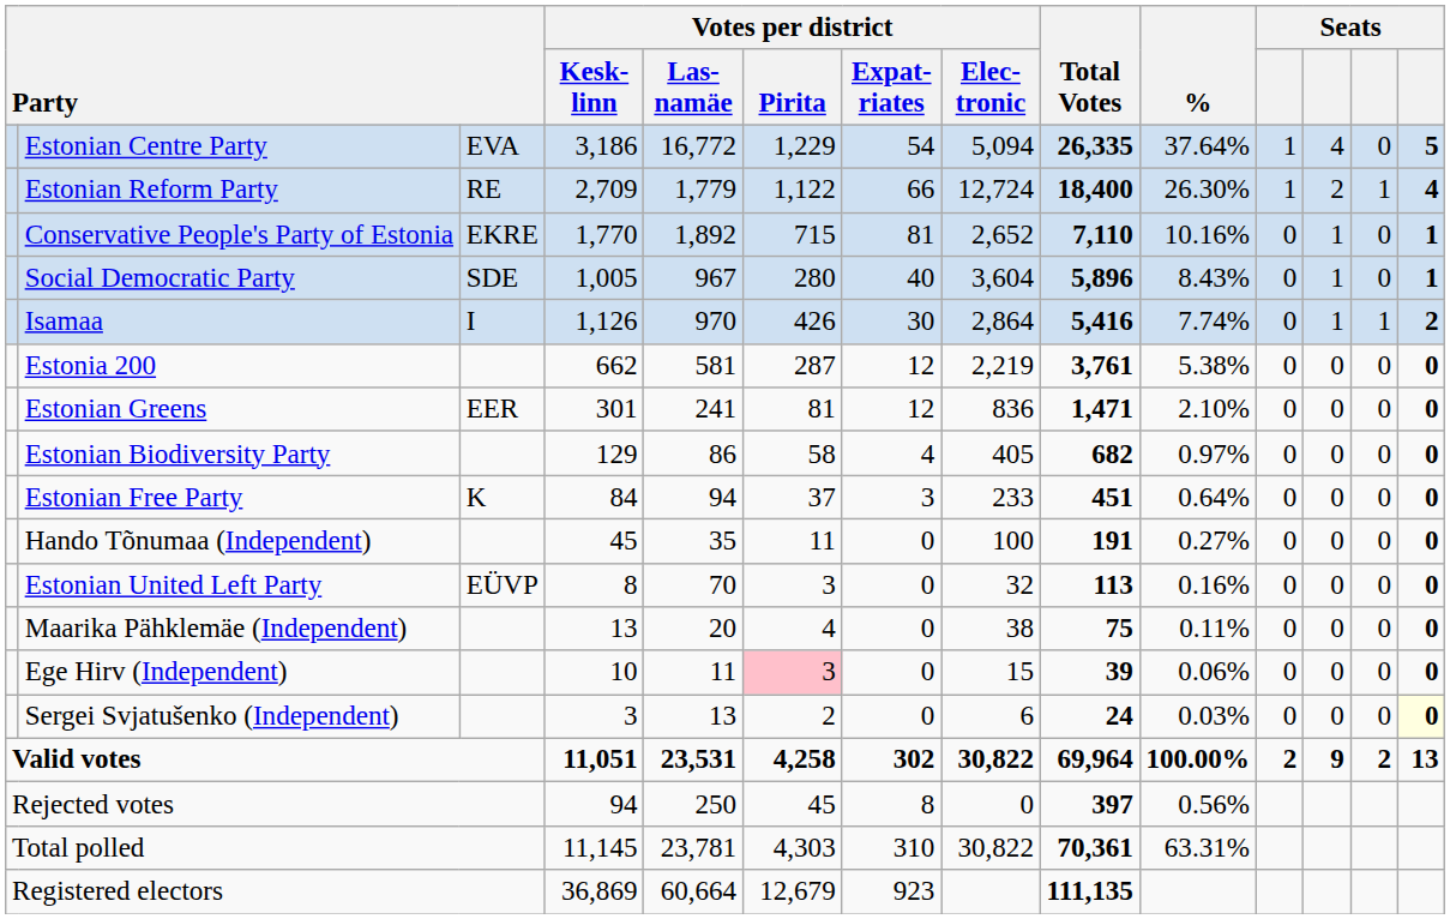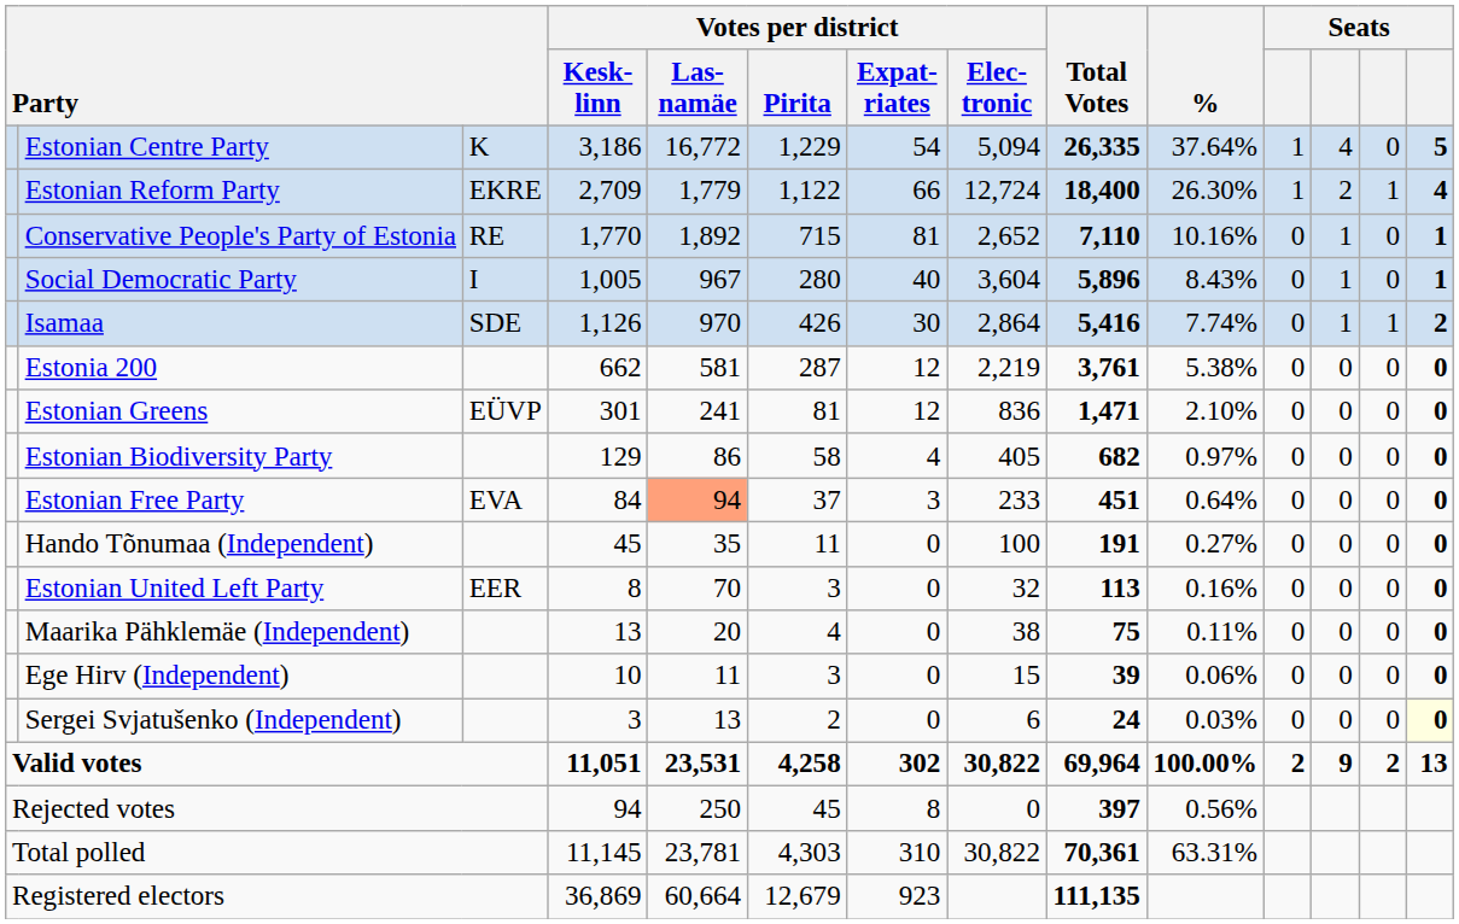 <table class="wikitable" border="1" style="text-align:right;">
 <tr>
 <th style="text-align:left;" valign=bottom rowspan=2 colspan=3>Party</th>
 <th colspan=5>Votes per district</th>
 <th align=center valign=bottom rowspan=2 width="50">Total Votes</th>
 <th align=center valign=bottom rowspan=2 width="50">%</th>
 <th colspan=4>Seats</th>
 </tr>
 <tr>
 <th align=center valign=bottom width="50"><a href='#'>Kesk- linn</a></th>
 <th align=center valign=bottom width="50"><a href='#'>Las- namäe</a></th>
 <th align=center valign=bottom width="50"><a href='#'>Pirita</a></th>
 <th align=center valign=bottom width="50"><a href='#'>Expat- riates</a></th>
 <th align=center valign=bottom width="50"><a href='#'>Elec- tronic</a></th>
 <th align=center valign=bottom width="20"><small></small></th>
 <th align=center valign=bottom width="20"><small></small></th>
 <th align=center valign=bottom width="20"><small></small></th>
 <th align=center valign=bottom width="20"><small></small></th>
 </tr>
 <tr style="background:#CEE0F2;">
 <td style="background:"></td>
 <td align=left><a href='#'>Estonian Centre Party</a></td>
-<td align=left>EVA</td>
+<td align=left>K</td>
 <td>3,186</td>
 <td>16,772</td>
 <td>1,229</td>
 <td>54</td>
 <td>5,094</td>
 <td><strong>26,335</strong></td>
 <td>37.64%</td>
 <td>1</td>
 <td>4</td>
 <td>0</td>
 <td><strong>5</strong></td>
 </tr>
 <tr style="background:#CEE0F2;">
 <td style="background:"></td>
 <td align=left><a href='#'>Estonian Reform Party</a></td>
-<td align=left>RE</td>
+<td align=left>EKRE</td>
 <td>2,709</td>
 <td>1,779</td>
 <td>1,122</td>
 <td>66</td>
 <td>12,724</td>
 <td><strong>18,400</strong></td>
 <td>26.30%</td>
 <td>1</td>
 <td>2</td>
 <td>1</td>
 <td><strong>4</strong></td>
 </tr>
 <tr style="background:#CEE0F2;">
 <td style="background:"></td>
 <td align=left><a href='#'>Conservative People's Party of Estonia</a></td>
-<td align=left>EKRE</td>
+<td align=left>RE</td>
 <td>1,770</td>
 <td>1,892</td>
 <td>715</td>
 <td>81</td>
 <td>2,652</td>
 <td><strong>7,110</strong></td>
 <td>10.16%</td>
 <td>0</td>
 <td>1</td>
 <td>0</td>
 <td><strong>1</strong></td>
 </tr>
 <tr style="background:#CEE0F2;">
 <td style="background:"></td>
 <td align=left><a href='#'>Social Democratic Party</a></td>
-<td align=left>SDE</td>
+<td align=left>I</td>
 <td>1,005</td>
 <td>967</td>
 <td>280</td>
 <td>40</td>
 <td>3,604</td>
 <td><strong>5,896</strong></td>
 <td>8.43%</td>
 <td>0</td>
 <td>1</td>
 <td>0</td>
 <td><strong>1</strong></td>
 </tr>
 <tr style="background:#CEE0F2;">
 <td style="background:"></td>
 <td align=left><a href='#'>Isamaa</a></td>
-<td align=left>I</td>
+<td align=left>SDE</td>
 <td>1,126</td>
 <td>970</td>
 <td>426</td>
 <td>30</td>
 <td>2,864</td>
 <td><strong>5,416</strong></td>
 <td>7.74%</td>
 <td>0</td>
 <td>1</td>
 <td>1</td>
 <td><strong>2</strong></td>
 </tr>
 <tr>
 <td style="background:"></td>
 <td align=left><a href='#'>Estonia 200</a></td>
 <td></td>
 <td>662</td>
 <td>581</td>
 <td>287</td>
 <td>12</td>
 <td>2,219</td>
 <td><strong>3,761</strong></td>
 <td>5.38%</td>
 <td>0</td>
 <td>0</td>
 <td>0</td>
 <td><strong>0</strong></td>
 </tr>
 <tr>
 <td style="background:"></td>
 <td align=left><a href='#'>Estonian Greens</a></td>
-<td align=left>EER</td>
+<td align=left>EÜVP</td>
 <td>301</td>
 <td>241</td>
 <td>81</td>
 <td>12</td>
 <td>836</td>
 <td><strong>1,471</strong></td>
 <td>2.10%</td>
 <td>0</td>
 <td>0</td>
 <td>0</td>
 <td><strong>0</strong></td>
 </tr>
 <tr>
 <td style="background:"></td>
 <td align=left><a href='#'>Estonian Biodiversity Party</a></td>
 <td></td>
 <td>129</td>
 <td>86</td>
 <td>58</td>
 <td>4</td>
 <td>405</td>
 <td><strong>682</strong></td>
 <td>0.97%</td>
 <td>0</td>
 <td>0</td>
 <td>0</td>
 <td><strong>0</strong></td>
 </tr>
 <tr>
 <td style="background:"></td>
 <td align=left><a href='#'>Estonian Free Party</a></td>
-<td align=left>K</td>
+<td align=left>EVA</td>
 <td>84</td>
-<td>94</td>
+<td style="background: lightsalmon;">94</td>
 <td>37</td>
 <td>3</td>
 <td>233</td>
 <td><strong>451</strong></td>
 <td>0.64%</td>
 <td>0</td>
 <td>0</td>
 <td>0</td>
 <td><strong>0</strong></td>
 </tr>
 <tr>
 <td style="background:"></td>
 <td align=left>Hando Tõnumaa (<a href='#'>Independent</a>)</td>
 <td></td>
 <td>45</td>
 <td>35</td>
 <td>11</td>
 <td>0</td>
 <td>100</td>
 <td><strong>191</strong></td>
 <td>0.27%</td>
 <td>0</td>
 <td>0</td>
 <td>0</td>
 <td><strong>0</strong></td>
 </tr>
 <tr>
 <td style="background:"></td>
 <td align=left><a href='#'>Estonian United Left Party</a></td>
-<td align=left>EÜVP</td>
+<td align=left>EER</td>
 <td>8</td>
 <td>70</td>
 <td>3</td>
 <td>0</td>
 <td>32</td>
 <td><strong>113</strong></td>
 <td>0.16%</td>
 <td>0</td>
 <td>0</td>
 <td>0</td>
 <td><strong>0</strong></td>
 </tr>
 <tr>
 <td style="background:"></td>
 <td align=left>Maarika Pähklemäe (<a href='#'>Independent</a>)</td>
 <td></td>
 <td>13</td>
 <td>20</td>
 <td>4</td>
 <td>0</td>
 <td>38</td>
 <td><strong>75</strong></td>
 <td>0.11%</td>
 <td>0</td>
 <td>0</td>
 <td>0</td>
 <td><strong>0</strong></td>
 </tr>
 <tr>
 <td style="background:"></td>
 <td align=left>Ege Hirv (<a href='#'>Independent</a>)</td>
 <td></td>
 <td>10</td>
 <td>11</td>
-<td style="background: pink;">3</td>
+<td>3</td>
 <td>0</td>
 <td>15</td>
 <td><strong>39</strong></td>
 <td>0.06%</td>
 <td>0</td>
 <td>0</td>
 <td>0</td>
 <td><strong>0</strong></td>
 </tr>
 <tr>
 <td style="background:"></td>
 <td align=left>Sergei Svjatušenko (<a href='#'>Independent</a>)</td>
 <td></td>
 <td>3</td>
 <td>13</td>
 <td>2</td>
 <td>0</td>
 <td>6</td>
 <td><strong>24</strong></td>
 <td>0.03%</td>
 <td>0</td>
 <td>0</td>
 <td>0</td>
 <td style="background: lightyellow;"><strong>0</strong></td>
 </tr>
 <tr style="font-weight:bold">
 <td align=left colspan=3>Valid votes</td>
 <td>11,051</td>
 <td>23,531</td>
 <td>4,258</td>
 <td>302</td>
 <td>30,822</td>
 <td>69,964</td>
 <td>100.00%</td>
 <td>2</td>
 <td>9</td>
 <td>2</td>
 <td>13</td>
 </tr>
 <tr>
 <td align=left colspan=3>Rejected votes</td>
 <td>94</td>
 <td>250</td>
 <td>45</td>
 <td>8</td>
 <td>0</td>
 <td><strong>397</strong></td>
 <td>0.56%</td>
 <td></td>
 <td></td>
 <td></td>
 <td></td>
 </tr>
 <tr>
 <td align=left colspan=3>Total polled</td>
 <td>11,145</td>
 <td>23,781</td>
 <td>4,303</td>
 <td>310</td>
 <td>30,822</td>
 <td><strong>70,361</strong></td>
 <td>63.31%</td>
 <td></td>
 <td></td>
 <td></td>
 <td></td>
 </tr>
 <tr>
 <td align=left colspan=3>Registered electors</td>
 <td>36,869</td>
 <td>60,664</td>
 <td>12,679</td>
 <td>923</td>
 <td></td>
 <td><strong>111,135</strong></td>
 <td></td>
 <td></td>
 <td></td>
 <td></td>
 <td></td>
 </tr>
 </table>
